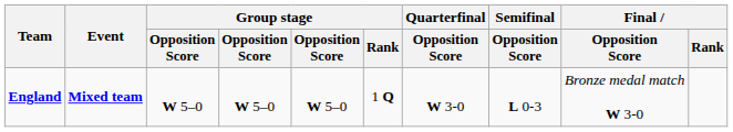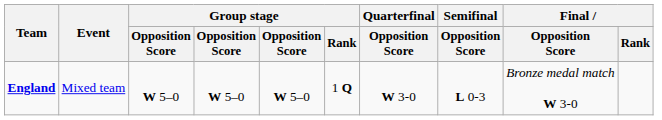 <table class=wikitable style=font-size:90%;text-align:center>
 <tr>
 <th rowspan=2>Team</th>
 <th rowspan=2>Event</th>
 <th colspan=4>Group stage</th>
 <th>Quarterfinal</th>
 <th>Semifinal</th>
 <th colspan=2>Final / </th>
 </tr>
 <tr style=font-size:95%>
 <th>Opposition<br>Score</th>
 <th>Opposition<br>Score</th>
 <th>Opposition<br>Score</th>
 <th>Rank</th>
 <th>Opposition<br>Score</th>
 <th>Opposition<br>Score</th>
 <th>Opposition<br>Score</th>
 <th>Rank</th>
 </tr>
 <tr>
 <td align=left><strong><a href='#'>England</a></strong></td>
-<td align=left><strong><a href='#'>Mixed team</a></strong></td>
+<td align=left><a href='#'>Mixed team</a></td>
 <td><br><strong>W</strong> 5–0</td>
 <td><br><strong>W</strong> 5–0</td>
 <td><br><strong>W</strong> 5–0</td>
 <td>1 <strong>Q</strong></td>
 <td><br><strong>W</strong> 3-0</td>
 <td><br><strong>L</strong> 0-3</td>
 <td><em>Bronze medal match</em><br><br><strong>W</strong> 3-0</td>
 <td></td>
 </tr>
 </table>
